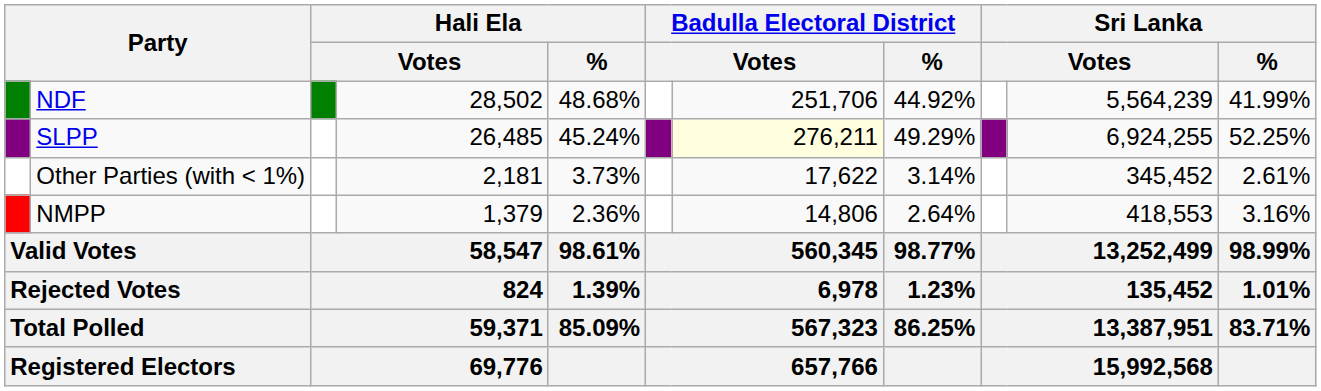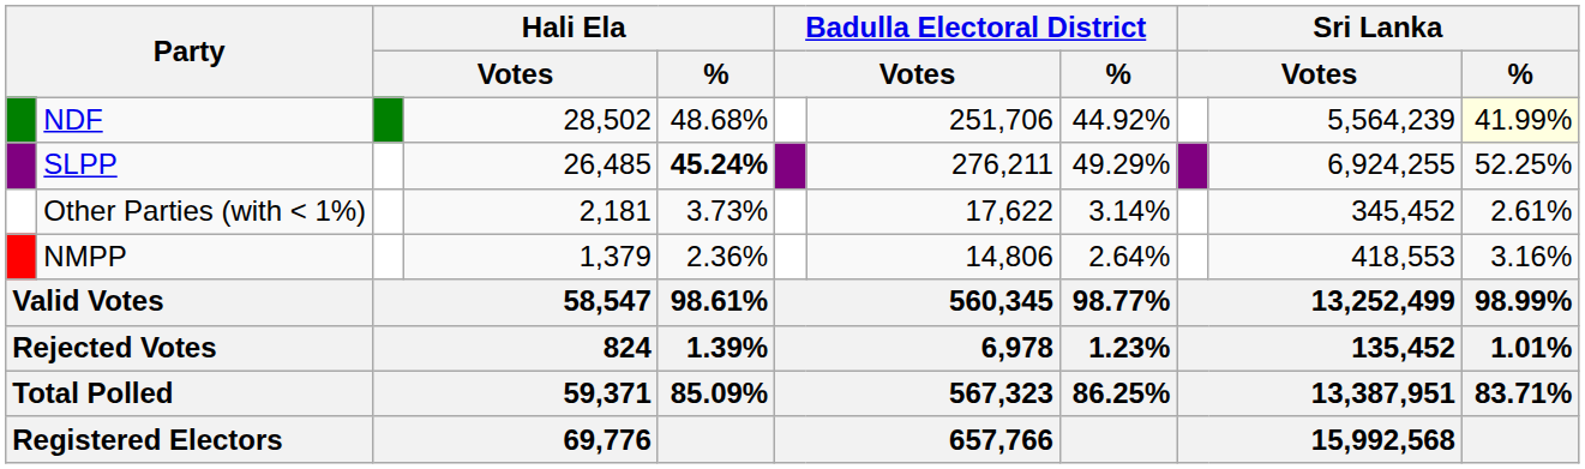 <table class="wikitable">
 <tr>
 <th colspan="2" width="144px"rowspan="2">Party</th>
 <th colspan="3" width="216px">Hali Ela</th>
 <th colspan="3" width="216px"><a href='#'>Badulla Electoral District</a></th>
 <th colspan="3" width="216px">Sri Lanka</th>
 </tr>
 <tr>
 <th colspan="2" width="144px">Votes</th>
 <th>%</th>
 <th colspan="2" width="144px">Votes</th>
 <th>%</th>
 <th colspan="2" width="144px">Votes</th>
 <th>%</th>
 </tr>
 <tr>
 <td style="background-color:green;" width="10px"></td>
 <td style="text-align:left;"><a href='#'>NDF</a></td>
 <td style="background-color:green;" width="10px"></td>
 <td style="text-align:right;">28,502</td>
 <td style="text-align:right;">48.68%</td>
 <td style="background-color:white;" width="10px"></td>
 <td style="text-align:right;">251,706</td>
 <td style="text-align:right;">44.92%</td>
 <td style="background-color:white;" width="10px"></td>
 <td style="text-align:right;">5,564,239</td>
-<td style="text-align:right;">41.99%</td>
+<td style="background: lightyellow; text-align:right;">41.99%</td>
 </tr>
 <tr>
 <td style="background-color:purple;" width="10px"></td>
 <td style="text-align:left;"><a href='#'>SLPP</a></td>
 <td style="background-color:white;" width="10px"></td>
 <td style="text-align:right;">26,485</td>
-<td style="text-align:right;">45.24%</td>
+<td style="text-align:right;"><strong>45.24%</strong></td>
 <td style="background-color:purple;" width="10px"></td>
-<td style="background: lightyellow; text-align:right;">276,211</td>
+<td style="text-align:right;">276,211</td>
 <td style="text-align:right;">49.29%</td>
 <td style="background-color:purple;" width="10px"></td>
 <td style="text-align:right;">6,924,255</td>
 <td style="text-align:right;">52.25%</td>
 </tr>
 <tr>
 <td style="background-color:white;" width="10px"></td>
 <td style="text-align:left;">Other Parties (with < 1%)</td>
 <td style="background-color:white;" width="10px"></td>
 <td style="text-align:right;">2,181</td>
 <td style="text-align:right;">3.73%</td>
 <td style="background-color:white;" width="10px"></td>
 <td style="text-align:right;">17,622</td>
 <td style="text-align:right;">3.14%</td>
 <td style="background-color:white;" width="10px"></td>
 <td style="text-align:right;">345,452</td>
 <td style="text-align:right;">2.61%</td>
 </tr>
 <tr>
 <td style="background-color:red;" width="10px"></td>
 <td style="text-align:left;">NMPP</td>
 <td style="background-color:white;" width="10px"></td>
 <td style="text-align:right;">1,379</td>
 <td style="text-align:right;">2.36%</td>
 <td style="background-color:white;" width="10px"></td>
 <td style="text-align:right;">14,806</td>
 <td style="text-align:right;">2.64%</td>
 <td style="background-color:white;" width="10px"></td>
 <td style="text-align:right;">418,553</td>
 <td style="text-align:right;">3.16%</td>
 </tr>
 <tr>
 <th colspan="2" width="144px"style="text-align:left;">Valid Votes</th>
 <th style="text-align:right;"colspan="2" width="144px">58,547</th>
 <th style="text-align:right;">98.61%</th>
 <th style="text-align:right;"colspan="2" width="144px">560,345</th>
 <th style="text-align:right;">98.77%</th>
 <th style="text-align:right;"colspan="2" width="144px">13,252,499</th>
 <th style="text-align:right;">98.99%</th>
 </tr>
 <tr>
 <th colspan="2" width="144px"style="text-align:left;">Rejected Votes</th>
 <th style="text-align:right;"colspan="2" width="144px">824</th>
 <th style="text-align:right;">1.39%</th>
 <th style="text-align:right;"colspan="2" width="144px">6,978</th>
 <th style="text-align:right;">1.23%</th>
 <th style="text-align:right;"colspan="2" width="144px">135,452</th>
 <th style="text-align:right;">1.01%</th>
 </tr>
 <tr>
 <th colspan="2" width="144px"style="text-align:left;">Total Polled</th>
 <th style="text-align:right;"colspan="2" width="144px">59,371</th>
 <th style="text-align:right;">85.09%</th>
 <th style="text-align:right;"colspan="2" width="144px">567,323</th>
 <th style="text-align:right;">86.25%</th>
 <th style="text-align:right;"colspan="2" width="144px">13,387,951</th>
 <th style="text-align:right;">83.71%</th>
 </tr>
 <tr>
 <th colspan="2" width="144px"style="text-align:left;">Registered Electors</th>
 <th style="text-align:right;"colspan="2" width="144px">69,776</th>
 <th></th>
 <th style="text-align:right;"colspan="2" width="144px">657,766</th>
 <th></th>
 <th style="text-align:right;"colspan="2" width="144px">15,992,568</th>
 <th></th>
 </tr>
 </table>
